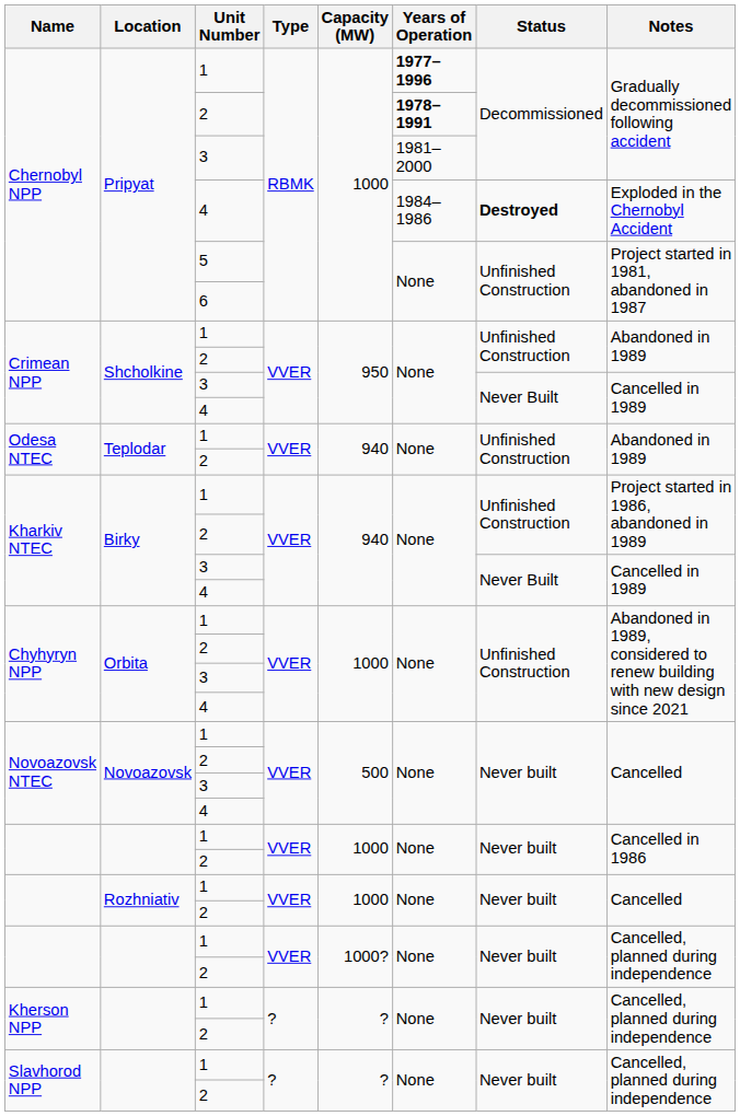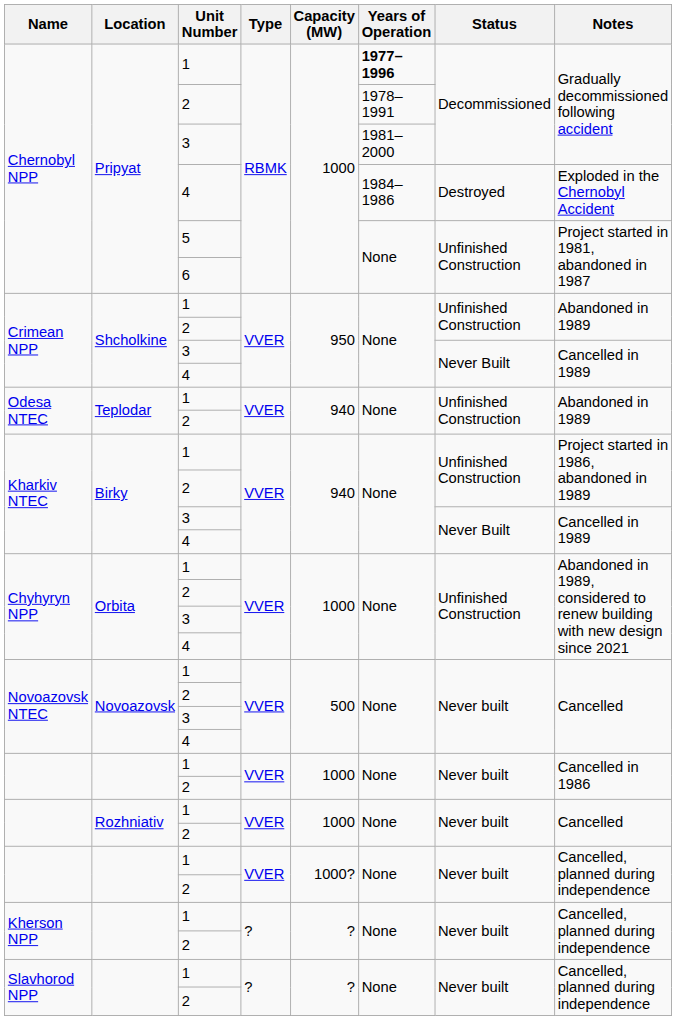 <table class="wikitable">
 <tr>
 <th>Name</th>
 <th>Location</th>
 <th>Unit<br>Number</th>
 <th>Type</th>
 <th>Capacity<br>(MW)</th>
 <th>Years of Operation</th>
 <th>Status</th>
 <th>Notes</th>
 </tr>
 <tr>
 <td rowspan="6"><a href='#'>Chernobyl NPP</a></td>
 <td rowspan="6"><a href='#'>Pripyat</a></td>
 <td>1</td>
 <td rowspan="6"><a href='#'>RBMK</a></td>
 <td rowspan="6" align="right">1000</td>
 <td><strong>1977–1996</strong></td>
 <td rowspan="3">Decommissioned</td>
 <td rowspan="3">Gradually decommissioned following <a href='#'>accident</a></td>
 </tr>
 <tr>
 <td>2</td>
-<td><strong>1978–1991</strong></td>
+<td>1978–1991</td>
 </tr>
 <tr>
 <td>3</td>
 <td>1981–2000</td>
 </tr>
 <tr>
 <td>4</td>
 <td>1984–1986</td>
-<td><strong>Destroyed</strong></td>
+<td>Destroyed</td>
 <td>Exploded in the <a href='#'>Chernobyl Accident</a></td>
 </tr>
 <tr>
 <td>5</td>
 <td rowspan="2">None</td>
 <td rowspan="2">Unfinished Construction</td>
 <td rowspan="2">Project started in 1981, abandoned in 1987</td>
 </tr>
 <tr>
 <td>6</td>
 </tr>
 <tr>
 <td rowspan="4"><a href='#'>Crimean NPP</a></td>
 <td rowspan="4"><a href='#'>Shcholkine</a></td>
 <td>1</td>
 <td rowspan="4"><a href='#'>VVER</a></td>
 <td rowspan="4" align="right">950</td>
 <td rowspan="4">None</td>
 <td rowspan="2">Unfinished Construction</td>
 <td rowspan="2">Abandoned in 1989</td>
 </tr>
 <tr>
 <td>2</td>
 </tr>
 <tr>
 <td>3</td>
 <td rowspan="2">Never Built</td>
 <td rowspan="2">Cancelled in 1989</td>
 </tr>
 <tr>
 <td>4</td>
 </tr>
 <tr>
 <td rowspan="2"><a href='#'>Odesa NTEC</a></td>
 <td rowspan="2"><a href='#'>Teplodar</a></td>
 <td>1</td>
 <td rowspan="2"><a href='#'>VVER</a></td>
 <td rowspan="2" align="right">940</td>
 <td rowspan="2">None</td>
 <td rowspan="2">Unfinished Construction</td>
 <td rowspan="2">Abandoned in 1989</td>
 </tr>
 <tr>
 <td>2</td>
 </tr>
 <tr>
 <td rowspan="4"><a href='#'>Kharkiv NTEC</a></td>
 <td rowspan="4"><a href='#'>Birky</a></td>
 <td>1</td>
 <td rowspan="4"><a href='#'>VVER</a></td>
 <td rowspan="4" align="right">940</td>
 <td rowspan="4">None</td>
 <td rowspan="2">Unfinished Construction</td>
 <td rowspan="2">Project started in 1986, abandoned in 1989</td>
 </tr>
 <tr>
 <td>2</td>
 </tr>
 <tr>
 <td>3</td>
 <td rowspan="2">Never Built</td>
 <td rowspan="2">Cancelled in 1989</td>
 </tr>
 <tr>
 <td>4</td>
 </tr>
 <tr>
 <td rowspan="4"><a href='#'>Chyhyryn NPP</a></td>
 <td rowspan="4"><a href='#'>Orbita</a></td>
 <td>1</td>
 <td rowspan="4"><a href='#'>VVER</a></td>
 <td rowspan="4" align="right">1000</td>
 <td rowspan="4">None</td>
 <td rowspan="4">Unfinished Construction</td>
 <td rowspan="4">Abandoned in 1989, considered to renew building with new design since 2021</td>
 </tr>
 <tr>
 <td>2</td>
 </tr>
 <tr>
 <td>3</td>
 </tr>
 <tr>
 <td>4</td>
 </tr>
 <tr>
 <td rowspan="4"><a href='#'>Novoazovsk NTEC</a></td>
 <td rowspan="4"><a href='#'>Novoazovsk</a></td>
 <td>1</td>
 <td rowspan="4"><a href='#'>VVER</a></td>
 <td rowspan="4" align="right">500</td>
 <td rowspan="4">None</td>
 <td rowspan="4">Never built</td>
 <td rowspan="4">Cancelled</td>
 </tr>
 <tr>
 <td>2</td>
 </tr>
 <tr>
 <td>3</td>
 </tr>
 <tr>
 <td>4</td>
 </tr>
 <tr>
 <td rowspan="2"></td>
 <td rowspan="2"></td>
 <td>1</td>
 <td rowspan="2"><a href='#'>VVER</a></td>
 <td rowspan="2" align="right">1000</td>
 <td rowspan="2">None</td>
 <td rowspan="2">Never built</td>
 <td rowspan="2">Cancelled in 1986</td>
 </tr>
 <tr>
 <td>2</td>
 </tr>
 <tr>
 <td rowspan="2"></td>
 <td rowspan="2"><a href='#'>Rozhniativ</a></td>
 <td>1</td>
 <td rowspan="2"><a href='#'>VVER</a></td>
 <td rowspan="2" align="right">1000</td>
 <td rowspan="2">None</td>
 <td rowspan="2">Never built</td>
 <td rowspan="2">Cancelled</td>
 </tr>
 <tr>
 <td>2</td>
 </tr>
 <tr>
 <td rowspan="2"></td>
 <td rowspan="2"></td>
 <td>1</td>
 <td rowspan="2"><a href='#'>VVER</a></td>
 <td rowspan="2" align="right">1000?</td>
 <td rowspan="2">None</td>
 <td rowspan="2">Never built</td>
 <td rowspan="2">Cancelled, planned during independence</td>
 </tr>
 <tr>
 <td>2</td>
 </tr>
 <tr>
 <td rowspan="2"><a href='#'>Kherson NPP</a></td>
 <td rowspan="2"></td>
 <td>1</td>
 <td rowspan="2">?</td>
 <td rowspan="2" align="right">?</td>
 <td rowspan="2">None</td>
 <td rowspan="2">Never built</td>
 <td rowspan="2">Cancelled, planned during independence</td>
 </tr>
 <tr>
 <td>2</td>
 </tr>
 <tr>
 <td rowspan="2"><a href='#'>Slavhorod NPP</a></td>
 <td rowspan="2"></td>
 <td>1</td>
 <td rowspan="2">?</td>
 <td rowspan="2" align="right">?</td>
 <td rowspan="2">None</td>
 <td rowspan="2">Never built</td>
 <td rowspan="2">Cancelled, planned during independence</td>
 </tr>
 <tr>
 <td>2</td>
 </tr>
 </table>
